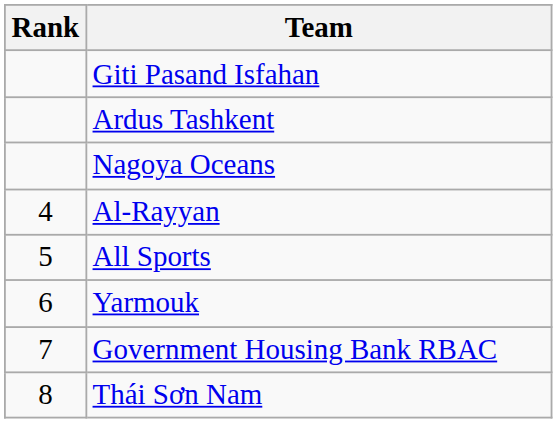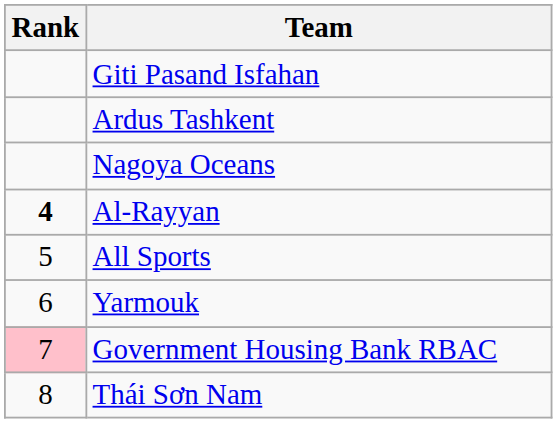 <table class="wikitable" style="text-align:center;">
 <tr>
 <th width=20>Rank</th>
 <th width=250>Team</th>
 </tr>
 <tr>
 <td></td>
 <td style="text-align:left;"> <a href='#'>Giti Pasand Isfahan</a></td>
 </tr>
 <tr>
 <td></td>
 <td style="text-align:left;"> <a href='#'>Ardus Tashkent</a></td>
 </tr>
 <tr>
 <td></td>
 <td style="text-align:left;"> <a href='#'>Nagoya Oceans</a></td>
 </tr>
 <tr>
-<td>4</td>
+<td><strong>4</strong></td>
 <td style="text-align:left;"> <a href='#'>Al-Rayyan</a></td>
 </tr>
 <tr>
 <td>5</td>
 <td style="text-align:left;"> <a href='#'>All Sports</a></td>
 </tr>
 <tr>
 <td>6</td>
 <td style="text-align:left;"> <a href='#'>Yarmouk</a></td>
 </tr>
 <tr>
-<td>7</td>
+<td style="background: pink;">7</td>
 <td style="text-align:left;"> <a href='#'>Government Housing Bank RBAC</a></td>
 </tr>
 <tr>
 <td>8</td>
 <td style="text-align:left;"> <a href='#'>Thái Sơn Nam</a></td>
 </tr>
 </table>
